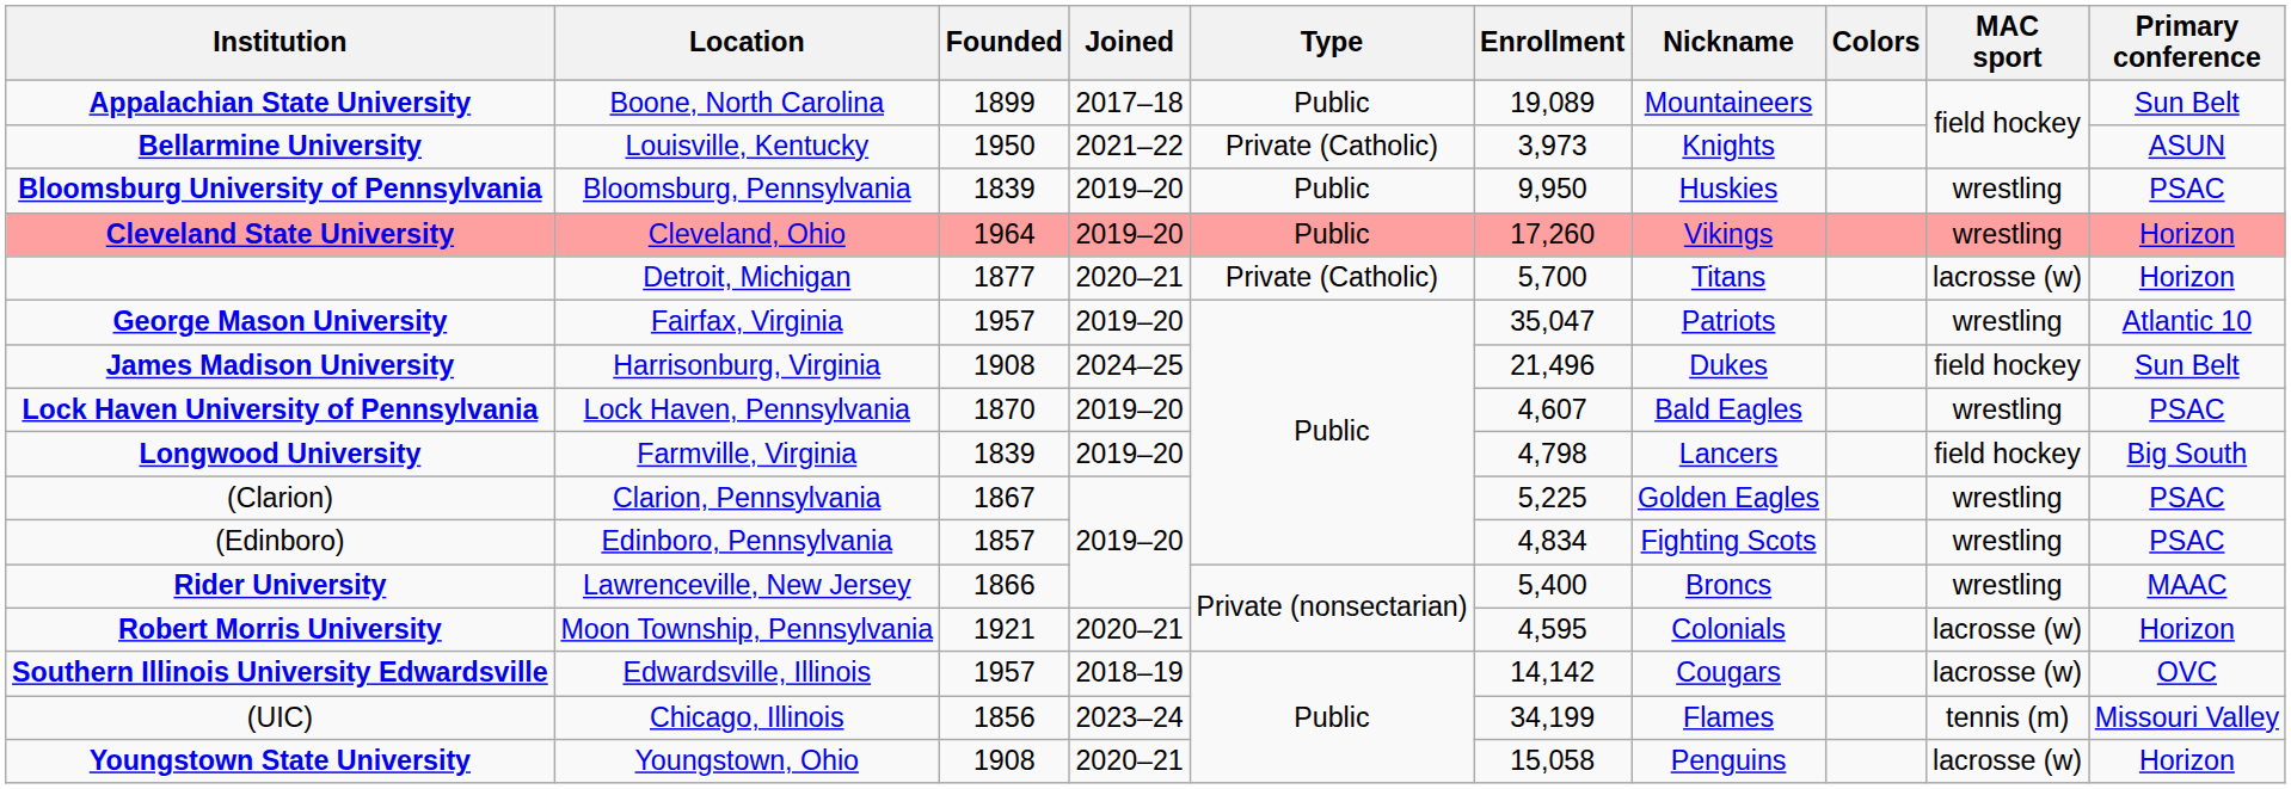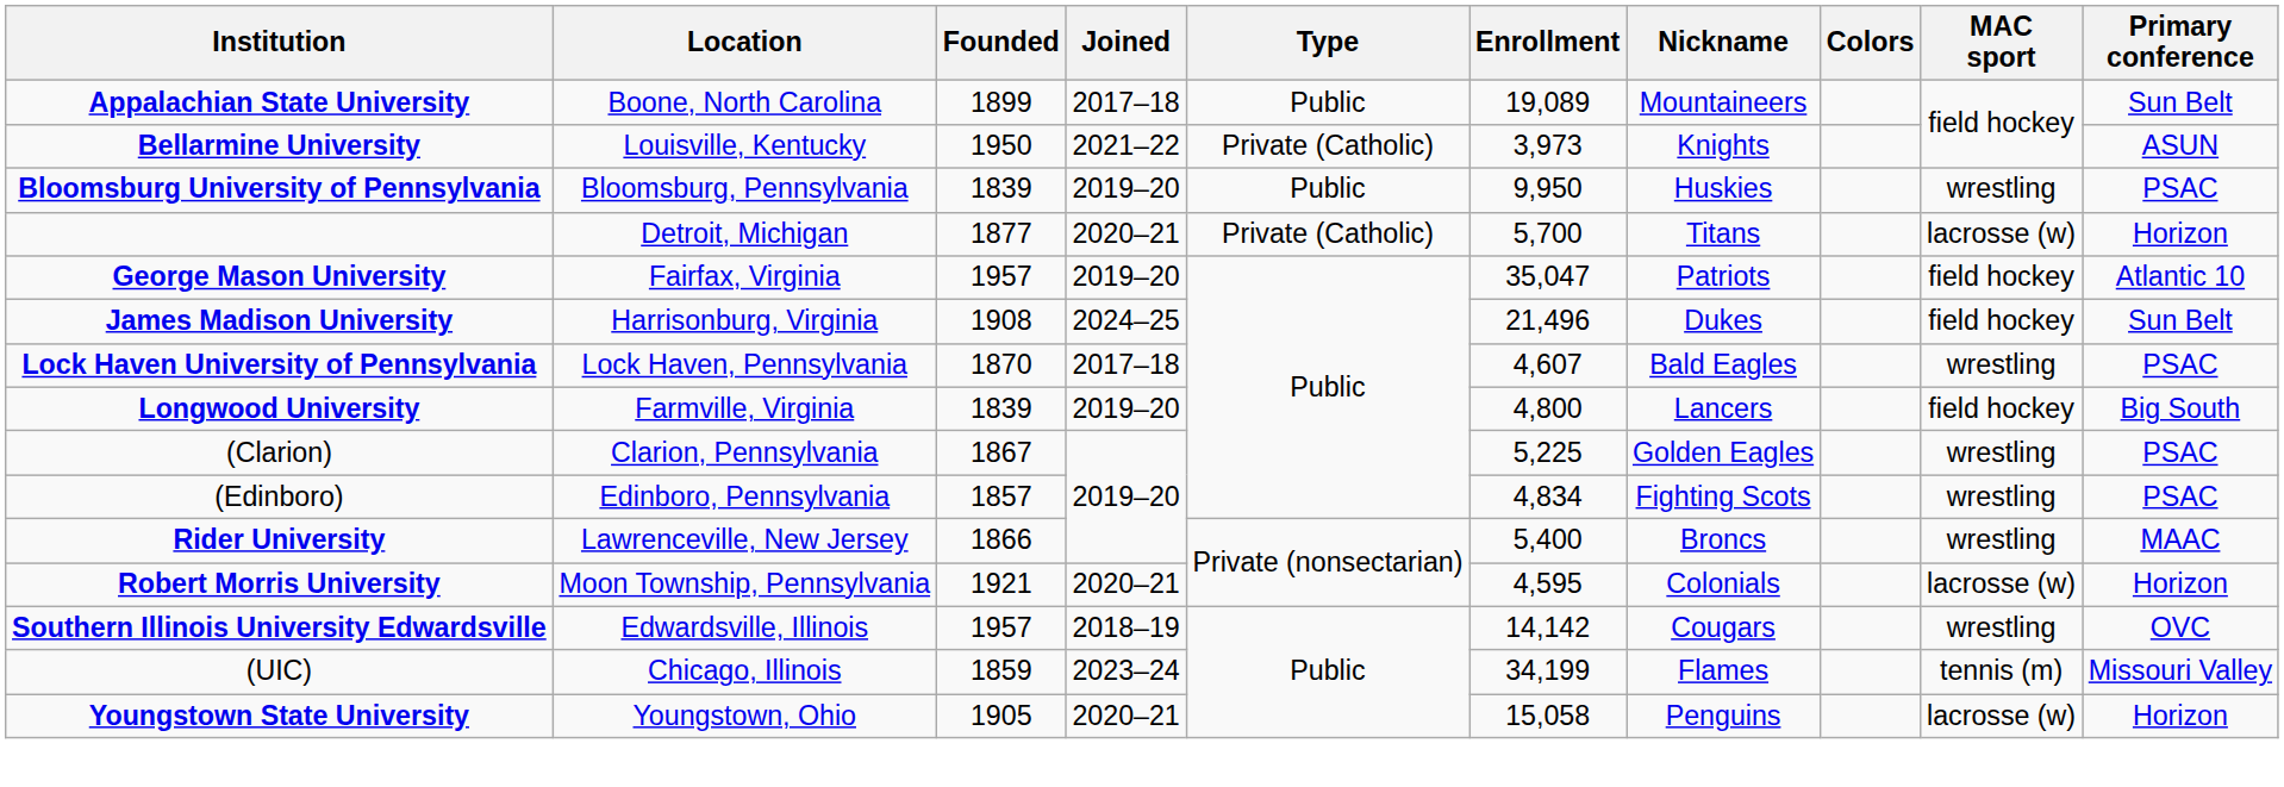 <table class="wikitable sortable" style="text-align: center;">
 <tr>
 <th width=px>Institution</th>
 <th width=px>Location</th>
 <th width=px>Founded</th>
 <th width=px>Joined</th>
 <th width=px>Type</th>
 <th width=px>Enrollment</th>
 <th width=px>Nickname</th>
 <th class="unsortable" ! width=px>Colors</th>
 <th width=px>MAC<br>sport</th>
 <th width=px>Primary<br>conference</th>
 </tr>
 <tr>
 <td><strong><a href='#'>Appalachian State University</a></strong></td>
 <td><a href='#'>Boone, North Carolina</a></td>
 <td>1899</td>
 <td>2017–18</td>
 <td>Public</td>
 <td>19,089</td>
 <td><a href='#'>Mountaineers</a></td>
 <td></td>
 <td rowspan=2>field hockey</td>
 <td><a href='#'>Sun Belt</a></td>
 </tr>
 <tr>
 <td><strong><a href='#'>Bellarmine University</a></strong></td>
 <td><a href='#'>Louisville, Kentucky</a></td>
 <td>1950</td>
 <td>2021–22</td>
 <td>Private (Catholic)</td>
 <td>3,973</td>
 <td><a href='#'>Knights</a></td>
 <td></td>
 <td><a href='#'>ASUN</a></td>
 </tr>
 <tr>
 <td><strong><a href='#'>Bloomsburg University of Pennsylvania</a></strong></td>
 <td><a href='#'>Bloomsburg, Pennsylvania</a></td>
 <td>1839</td>
 <td>2019–20</td>
 <td>Public</td>
 <td>9,950</td>
 <td><a href='#'>Huskies</a></td>
 <td></td>
 <td>wrestling</td>
 <td><a href='#'>PSAC</a></td>
 </tr>
-<tr bgcolor=#ffa0a0>
-<td><strong><a href='#'>Cleveland State University</a></strong></td>
-<td><a href='#'>Cleveland, Ohio</a></td>
-<td>1964</td>
-<td>2019–20</td>
-<td>Public</td>
-<td>17,260</td>
-<td><a href='#'>Vikings</a></td>
-<td></td>
-<td>wrestling</td>
-<td><a href='#'>Horizon</a></td>
-</tr>
 <tr>
 <td><strong></strong></td>
 <td><a href='#'>Detroit, Michigan</a></td>
 <td>1877</td>
 <td>2020–21</td>
 <td>Private (Catholic)</td>
 <td>5,700</td>
 <td><a href='#'>Titans</a></td>
 <td></td>
 <td>lacrosse (w)</td>
 <td><a href='#'>Horizon</a></td>
 </tr>
 <tr>
 <td><strong><a href='#'>George Mason University</a></strong></td>
 <td><a href='#'>Fairfax, Virginia</a></td>
 <td>1957</td>
 <td>2019–20</td>
 <td rowspan=6>Public</td>
 <td>35,047</td>
 <td><a href='#'>Patriots</a></td>
 <td></td>
-<td>wrestling</td>
+<td>field hockey</td>
 <td><a href='#'>Atlantic 10</a></td>
 </tr>
 <tr>
 <td><strong><a href='#'>James Madison University</a></strong></td>
 <td><a href='#'>Harrisonburg, Virginia</a></td>
 <td>1908</td>
 <td>2024–25</td>
 <td>21,496</td>
 <td><a href='#'>Dukes</a></td>
 <td></td>
 <td>field hockey</td>
 <td><a href='#'>Sun Belt</a></td>
 </tr>
 <tr>
 <td><strong><a href='#'>Lock Haven University of Pennsylvania</a></strong></td>
 <td><a href='#'>Lock Haven, Pennsylvania</a></td>
 <td>1870</td>
-<td>2019–20</td>
+<td>2017–18</td>
 <td>4,607</td>
 <td><a href='#'>Bald Eagles</a></td>
 <td></td>
 <td>wrestling</td>
 <td><a href='#'>PSAC</a></td>
 </tr>
 <tr>
 <td><strong><a href='#'>Longwood University</a></strong></td>
 <td><a href='#'>Farmville, Virginia</a></td>
 <td>1839</td>
 <td>2019–20</td>
-<td>4,798</td>
+<td>4,800</td>
 <td><a href='#'>Lancers</a></td>
 <td></td>
 <td>field hockey</td>
 <td><a href='#'>Big South</a></td>
 </tr>
 <tr>
 <td><strong></strong> (Clarion)</td>
 <td><a href='#'>Clarion, Pennsylvania</a></td>
 <td>1867</td>
 <td rowspan=3>2019–20</td>
 <td>5,225</td>
 <td><a href='#'>Golden Eagles</a></td>
 <td></td>
 <td>wrestling</td>
 <td><a href='#'>PSAC</a></td>
 </tr>
 <tr>
 <td><strong></strong> (Edinboro)</td>
 <td><a href='#'>Edinboro, Pennsylvania</a></td>
 <td>1857</td>
 <td>4,834</td>
 <td><a href='#'>Fighting Scots</a></td>
 <td></td>
 <td>wrestling</td>
 <td><a href='#'>PSAC</a></td>
 </tr>
 <tr>
 <td><strong><a href='#'>Rider University</a></strong></td>
 <td><a href='#'>Lawrenceville, New Jersey</a></td>
 <td>1866</td>
 <td rowspan=2>Private (nonsectarian)</td>
 <td>5,400</td>
 <td><a href='#'>Broncs</a></td>
 <td></td>
 <td>wrestling</td>
 <td><a href='#'>MAAC</a></td>
 </tr>
 <tr>
 <td><strong><a href='#'>Robert Morris University</a></strong></td>
 <td><a href='#'>Moon Township, Pennsylvania</a></td>
 <td>1921</td>
 <td>2020–21</td>
 <td>4,595</td>
 <td><a href='#'>Colonials</a></td>
 <td></td>
 <td>lacrosse (w)</td>
 <td><a href='#'>Horizon</a></td>
 </tr>
 <tr>
 <td><strong><a href='#'>Southern Illinois University Edwardsville</a></strong></td>
 <td><a href='#'>Edwardsville, Illinois</a></td>
 <td>1957</td>
 <td>2018–19</td>
 <td rowspan=3>Public</td>
 <td>14,142</td>
 <td><a href='#'>Cougars</a></td>
 <td></td>
-<td>lacrosse (w)</td>
+<td>wrestling</td>
 <td><a href='#'>OVC</a></td>
 </tr>
 <tr>
 <td><strong></strong> (UIC)</td>
 <td><a href='#'>Chicago, Illinois</a></td>
-<td>1856</td>
+<td>1859</td>
 <td>2023–24</td>
 <td>34,199</td>
 <td><a href='#'>Flames</a></td>
 <td></td>
 <td>tennis (m)</td>
 <td><a href='#'>Missouri Valley</a></td>
 </tr>
 <tr>
 <td><strong><a href='#'>Youngstown State University</a></strong></td>
 <td><a href='#'>Youngstown, Ohio</a></td>
-<td>1908</td>
+<td>1905</td>
 <td>2020–21</td>
 <td>15,058</td>
 <td><a href='#'>Penguins</a></td>
 <td></td>
 <td>lacrosse (w)</td>
 <td><a href='#'>Horizon</a></td>
 </tr>
 </table>
